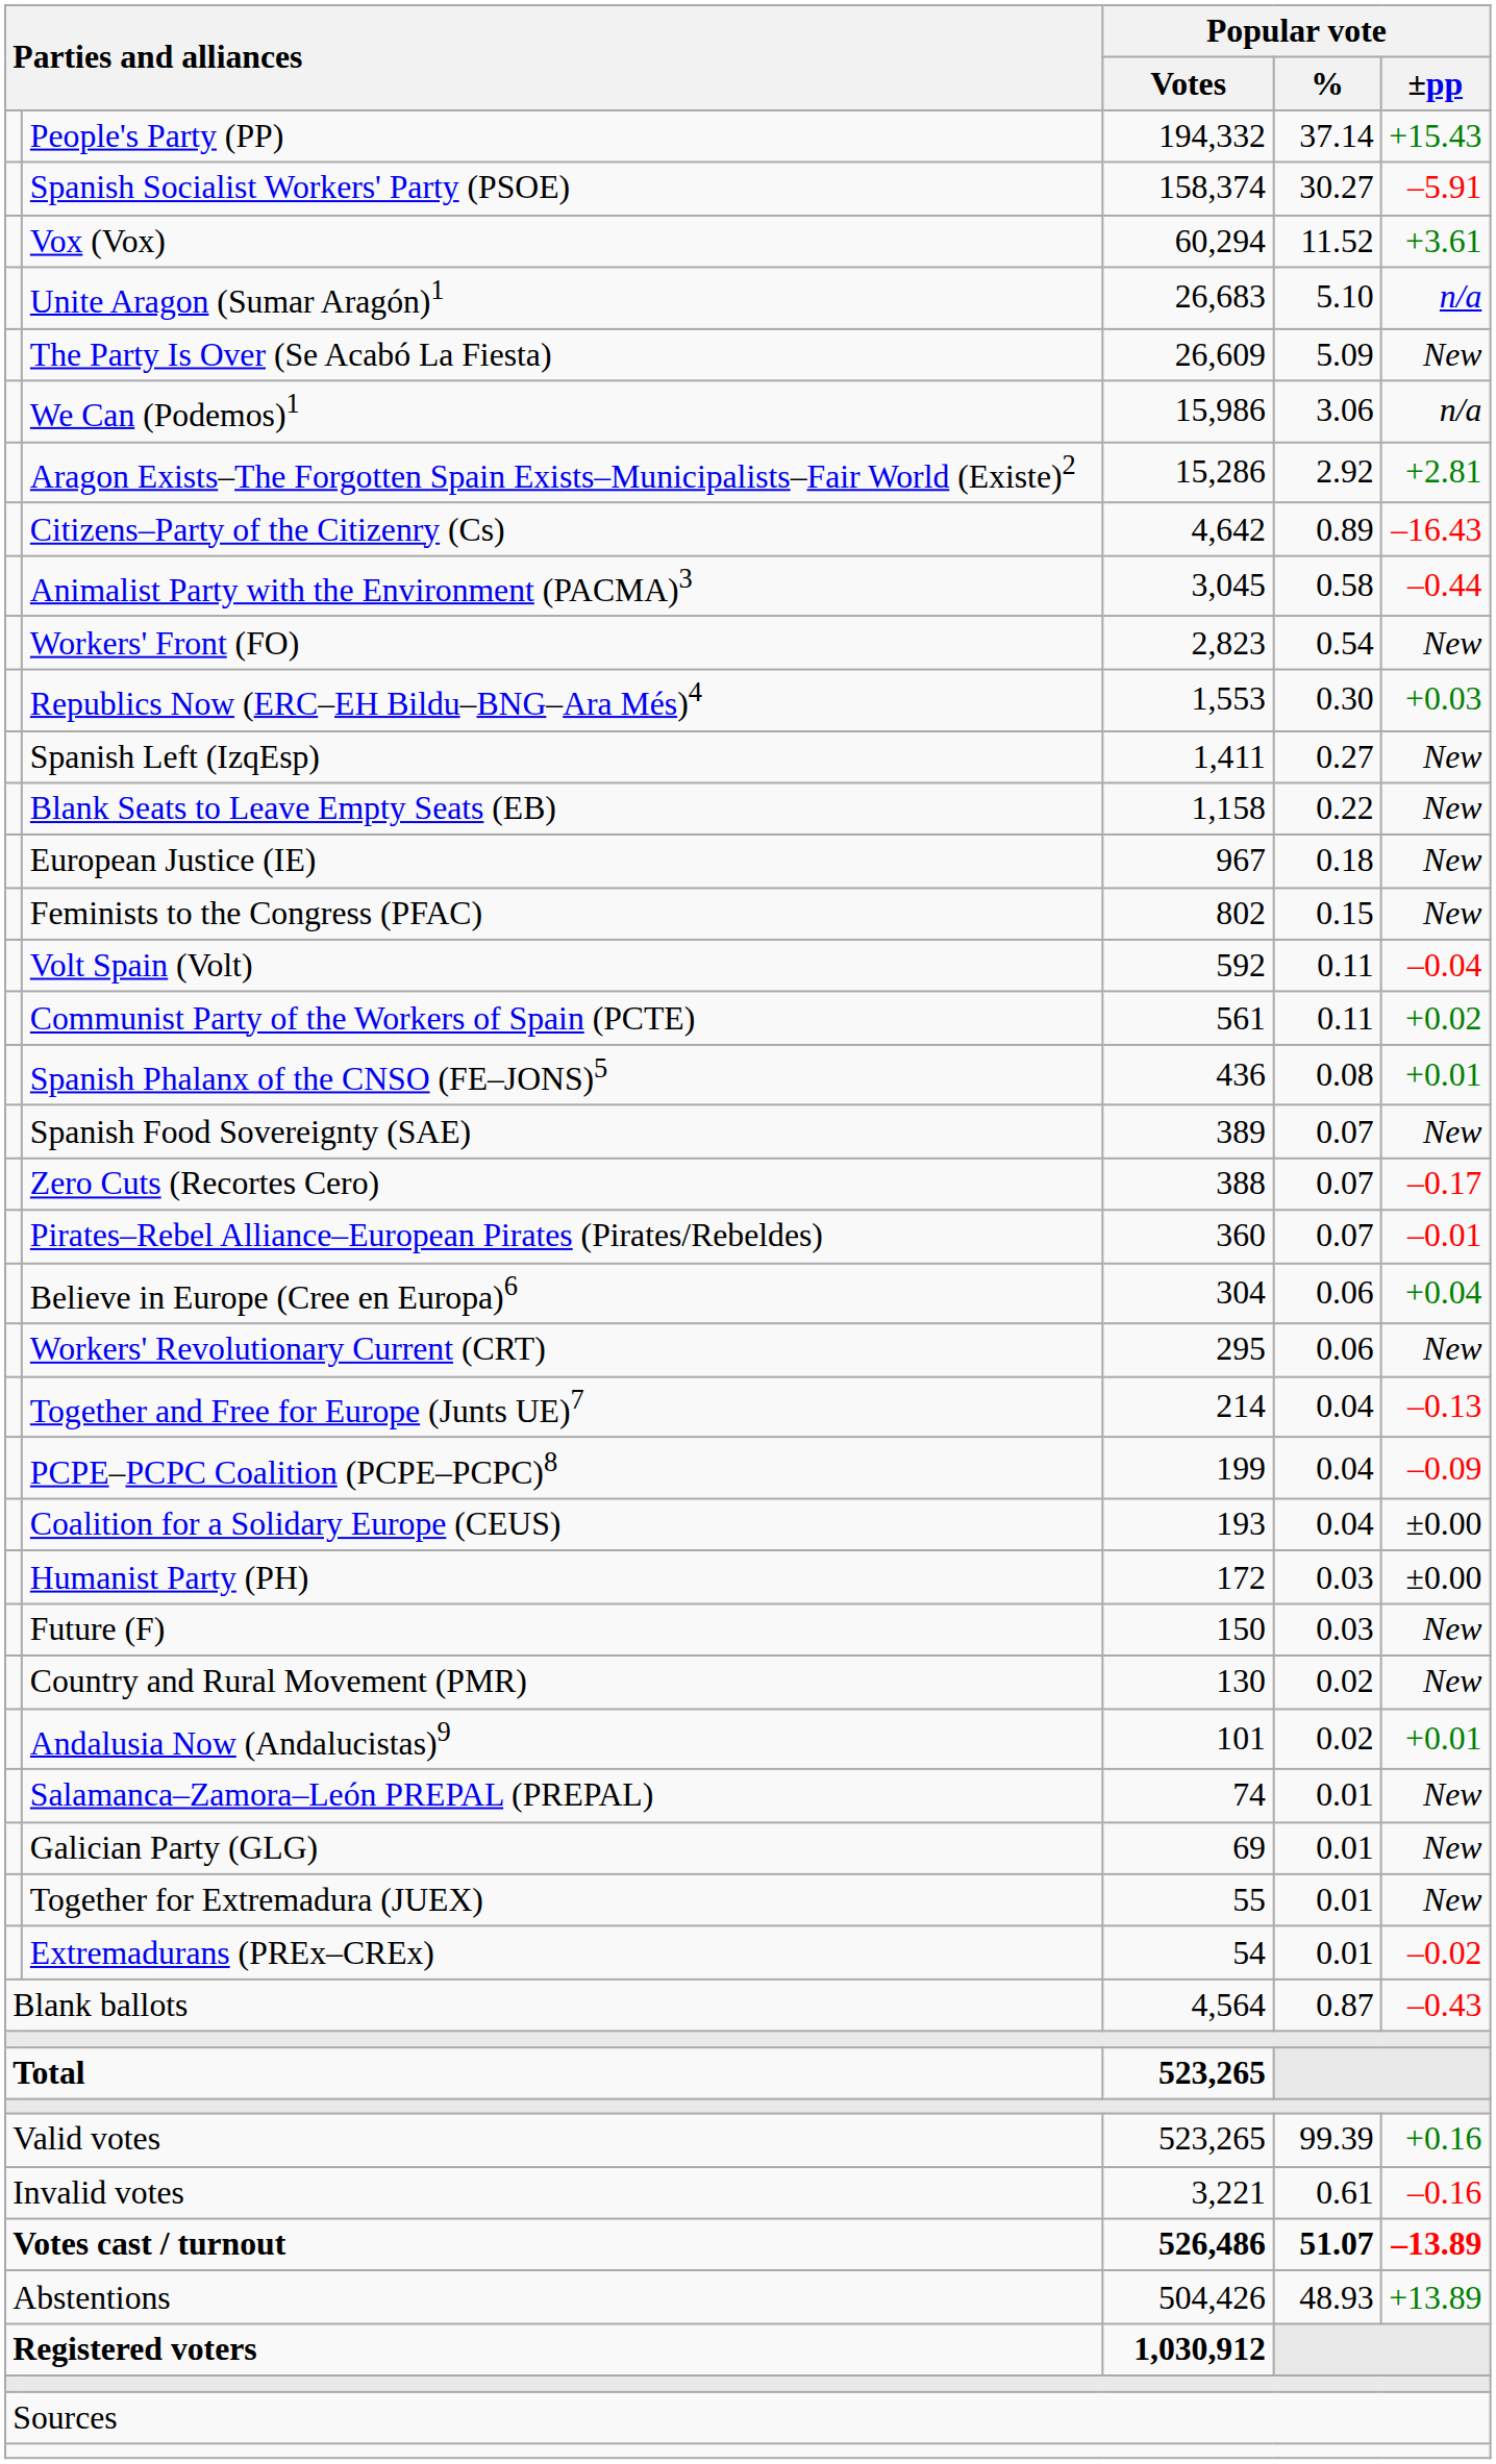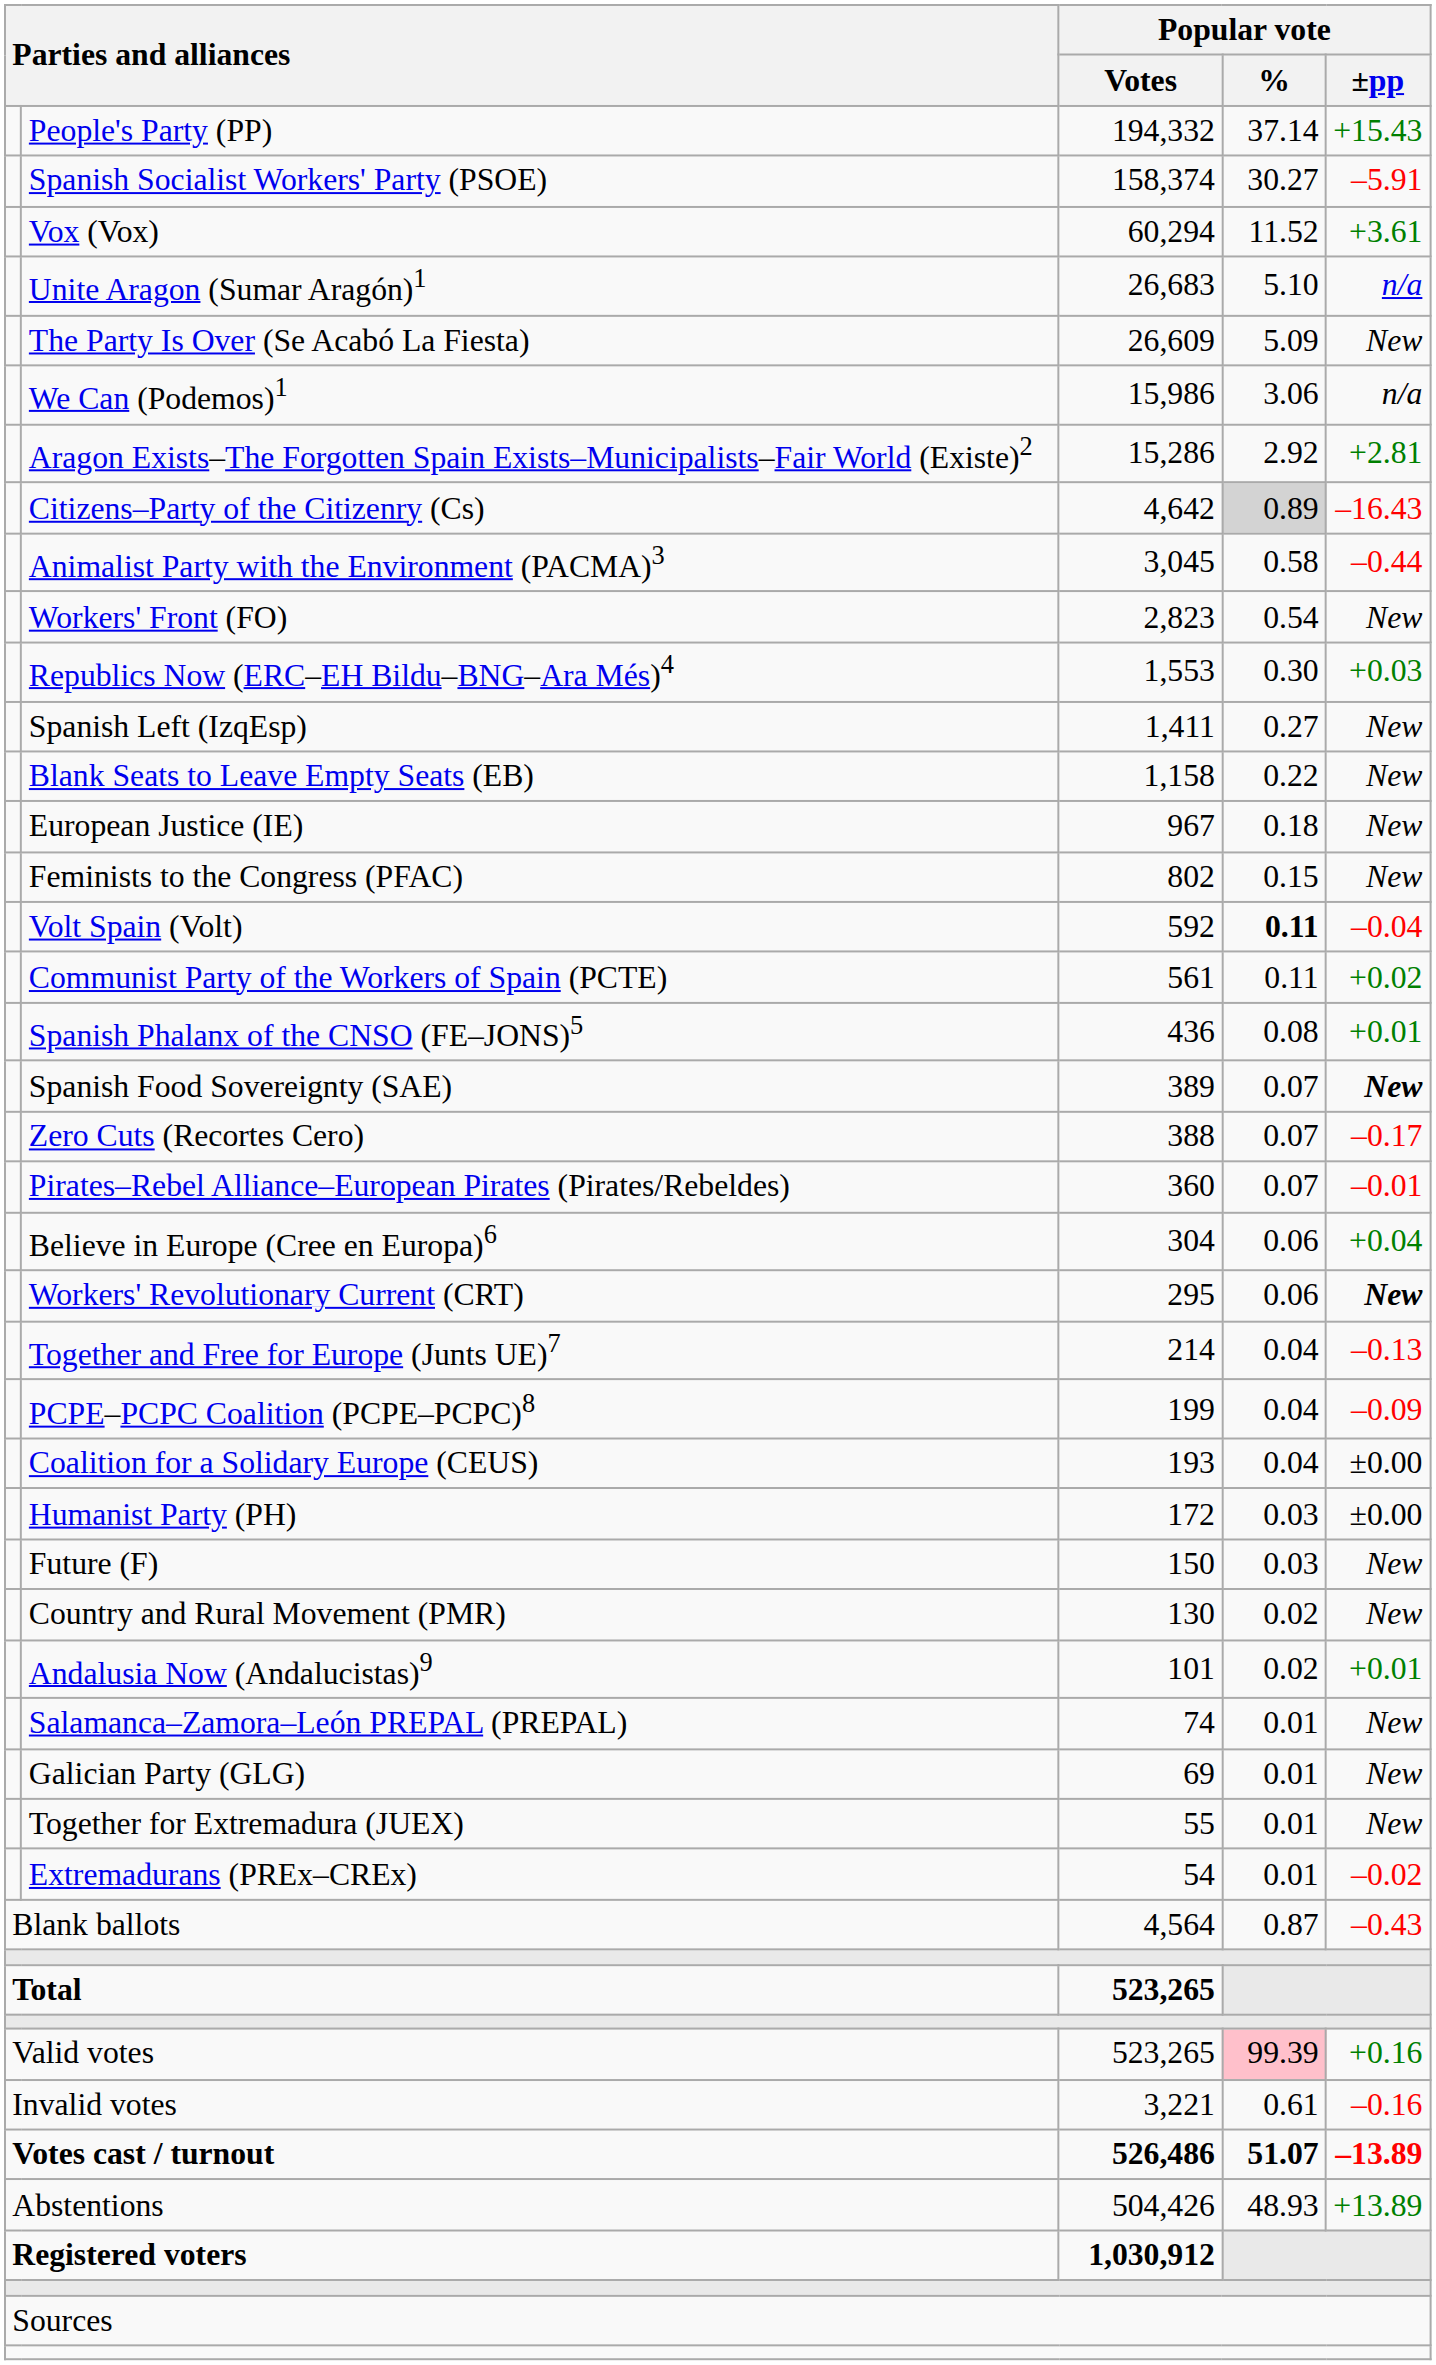 <table class="wikitable" style="text-align:right;">
 <tr>
 <th style="text-align:left;" rowspan="2" colspan="2" width="525">Parties and alliances</th>
 <th colspan="3">Popular vote</th>
 </tr>
 <tr bgcolor="#E9E9E9" align="center">
 <th width="75">Votes</th>
 <th width="45">%</th>
 <th width="45">±<a href='#'>pp</a></th>
 </tr>
 <tr>
 <td width="1" style="color:inherit;background:"></td>
 <td align="left"><a href='#'>People's Party</a> (PP)</td>
 <td>194,332</td>
 <td>37.14</td>
 <td style="color:green;">+15.43</td>
 </tr>
 <tr>
 <td style="color:inherit;background:"></td>
 <td align="left"><a href='#'>Spanish Socialist Workers' Party</a> (PSOE)</td>
 <td>158,374</td>
 <td>30.27</td>
 <td style="color:red;">–5.91</td>
 </tr>
 <tr>
 <td style="color:inherit;background:"></td>
 <td align="left"><a href='#'>Vox</a> (Vox)</td>
 <td>60,294</td>
 <td>11.52</td>
 <td style="color:green;">+3.61</td>
 </tr>
 <tr>
 <td style="color:inherit;background:"></td>
 <td align="left"><a href='#'>Unite Aragon</a> (Sumar Aragón)<sup>1</sup></td>
 <td>26,683</td>
 <td>5.10</td>
 <td><em><a href='#'>n/a</a></em></td>
 </tr>
 <tr>
 <td style="color:inherit;background:"></td>
 <td align="left"><a href='#'>The Party Is Over</a> (Se Acabó La Fiesta)</td>
 <td>26,609</td>
 <td>5.09</td>
 <td><em>New</em></td>
 </tr>
 <tr>
 <td style="color:inherit;background:"></td>
 <td align="left"><a href='#'>We Can</a> (Podemos)<sup>1</sup></td>
 <td>15,986</td>
 <td>3.06</td>
 <td><em>n/a</em></td>
 </tr>
 <tr>
 <td style="color:inherit;background:"></td>
 <td align="left"><a href='#'>Aragon Exists</a>–<a href='#'>The Forgotten Spain Exists–Municipalists</a>–<a href='#'>Fair World</a> (Existe)<sup>2</sup></td>
 <td>15,286</td>
 <td>2.92</td>
 <td style="color:green;">+2.81</td>
 </tr>
 <tr>
 <td style="color:inherit;background:"></td>
 <td align="left"><a href='#'>Citizens–Party of the Citizenry</a> (Cs)</td>
 <td>4,642</td>
-<td>0.89</td>
+<td style="background: lightgrey;">0.89</td>
 <td style="color:red;">–16.43</td>
 </tr>
 <tr>
 <td style="color:inherit;background:"></td>
 <td align="left"><a href='#'>Animalist Party with the Environment</a> (PACMA)<sup>3</sup></td>
 <td>3,045</td>
 <td>0.58</td>
 <td style="color:red;">–0.44</td>
 </tr>
 <tr>
 <td style="color:inherit;background:"></td>
 <td align="left"><a href='#'>Workers' Front</a> (FO)</td>
 <td>2,823</td>
 <td>0.54</td>
 <td><em>New</em></td>
 </tr>
 <tr>
 <td style="color:inherit;background:"></td>
 <td align="left"><a href='#'>Republics Now</a> (<a href='#'>ERC</a>–<a href='#'>EH Bildu</a>–<a href='#'>BNG</a>–<a href='#'>Ara Més</a>)<sup>4</sup></td>
 <td>1,553</td>
 <td>0.30</td>
 <td style="color:green;">+0.03</td>
 </tr>
 <tr>
 <td style="color:inherit;background:"></td>
 <td align="left">Spanish Left (IzqEsp)</td>
 <td>1,411</td>
 <td>0.27</td>
 <td><em>New</em></td>
 </tr>
 <tr>
 <td style="color:inherit;background:"></td>
 <td align="left"><a href='#'>Blank Seats to Leave Empty Seats</a> (EB)</td>
 <td>1,158</td>
 <td>0.22</td>
 <td><em>New</em></td>
 </tr>
 <tr>
 <td style="color:inherit;background:"></td>
 <td align="left">European Justice (IE)</td>
 <td>967</td>
 <td>0.18</td>
 <td><em>New</em></td>
 </tr>
 <tr>
 <td style="color:inherit;background:"></td>
 <td align="left">Feminists to the Congress (PFAC)</td>
 <td>802</td>
 <td>0.15</td>
 <td><em>New</em></td>
 </tr>
 <tr>
 <td style="color:inherit;background:"></td>
 <td align="left"><a href='#'>Volt Spain</a> (Volt)</td>
 <td>592</td>
-<td>0.11</td>
+<td><strong>0.11</strong></td>
 <td style="color:red;">–0.04</td>
 </tr>
 <tr>
 <td style="color:inherit;background:"></td>
 <td align="left"><a href='#'>Communist Party of the Workers of Spain</a> (PCTE)</td>
 <td>561</td>
 <td>0.11</td>
 <td style="color:green;">+0.02</td>
 </tr>
 <tr>
 <td style="color:inherit;background:"></td>
 <td align="left"><a href='#'>Spanish Phalanx of the CNSO</a> (FE–JONS)<sup>5</sup></td>
 <td>436</td>
 <td>0.08</td>
 <td style="color:green;">+0.01</td>
 </tr>
 <tr>
 <td style="color:inherit;background:"></td>
 <td align="left">Spanish Food Sovereignty (SAE)</td>
 <td>389</td>
 <td>0.07</td>
-<td><em>New</em></td>
+<td><strong><em>New</em></strong></td>
 </tr>
 <tr>
 <td style="color:inherit;background:"></td>
 <td align="left"><a href='#'>Zero Cuts</a> (Recortes Cero)</td>
 <td>388</td>
 <td>0.07</td>
 <td style="color:red;">–0.17</td>
 </tr>
 <tr>
 <td style="color:inherit;background:"></td>
 <td align="left"><a href='#'>Pirates–Rebel Alliance–European Pirates</a> (Pirates/Rebeldes)</td>
 <td>360</td>
 <td>0.07</td>
 <td style="color:red;">–0.01</td>
 </tr>
 <tr>
 <td style="color:inherit;background:"></td>
 <td align="left">Believe in Europe (Cree en Europa)<sup>6</sup></td>
 <td>304</td>
 <td>0.06</td>
 <td style="color:green;">+0.04</td>
 </tr>
 <tr>
 <td style="color:inherit;background:"></td>
 <td align="left"><a href='#'>Workers' Revolutionary Current</a> (CRT)</td>
 <td>295</td>
 <td>0.06</td>
-<td><em>New</em></td>
+<td><strong><em>New</em></strong></td>
 </tr>
 <tr>
 <td style="color:inherit;background:"></td>
 <td align="left"><a href='#'>Together and Free for Europe</a> (Junts UE)<sup>7</sup></td>
 <td>214</td>
 <td>0.04</td>
 <td style="color:red;">–0.13</td>
 </tr>
 <tr>
 <td style="color:inherit;background:"></td>
 <td align="left"><a href='#'>PCPE</a>–<a href='#'>PCPC Coalition</a> (PCPE–PCPC)<sup>8</sup></td>
 <td>199</td>
 <td>0.04</td>
 <td style="color:red;">–0.09</td>
 </tr>
 <tr>
 <td style="color:inherit;background:"></td>
 <td align="left"><a href='#'>Coalition for a Solidary Europe</a> (CEUS)</td>
 <td>193</td>
 <td>0.04</td>
 <td>±0.00</td>
 </tr>
 <tr>
 <td style="color:inherit;background:"></td>
 <td align="left"><a href='#'>Humanist Party</a> (PH)</td>
 <td>172</td>
 <td>0.03</td>
 <td>±0.00</td>
 </tr>
 <tr>
 <td style="color:inherit;background:"></td>
 <td align="left">Future (F)</td>
 <td>150</td>
 <td>0.03</td>
 <td><em>New</em></td>
 </tr>
 <tr>
 <td style="color:inherit;background:"></td>
 <td align="left">Country and Rural Movement (PMR)</td>
 <td>130</td>
 <td>0.02</td>
 <td><em>New</em></td>
 </tr>
 <tr>
 <td style="color:inherit;background:"></td>
 <td align="left"><a href='#'>Andalusia Now</a> (Andalucistas)<sup>9</sup></td>
 <td>101</td>
 <td>0.02</td>
 <td style="color:green;">+0.01</td>
 </tr>
 <tr>
 <td style="color:inherit;background:"></td>
 <td align="left"><a href='#'>Salamanca–Zamora–León PREPAL</a> (PREPAL)</td>
 <td>74</td>
 <td>0.01</td>
 <td><em>New</em></td>
 </tr>
 <tr>
 <td style="color:inherit;background:"></td>
 <td align="left">Galician Party (GLG)</td>
 <td>69</td>
 <td>0.01</td>
 <td><em>New</em></td>
 </tr>
 <tr>
 <td style="color:inherit;background:"></td>
 <td align="left">Together for Extremadura (JUEX)</td>
 <td>55</td>
 <td>0.01</td>
 <td><em>New</em></td>
 </tr>
 <tr>
 <td style="color:inherit;background:"></td>
 <td align="left"><a href='#'>Extremadurans</a> (PREx–CREx)</td>
 <td>54</td>
 <td>0.01</td>
 <td style="color:red;">–0.02</td>
 </tr>
 <tr>
 <td align="left" colspan="2">Blank ballots</td>
 <td>4,564</td>
 <td>0.87</td>
 <td style="color:red;">–0.43</td>
 </tr>
 <tr>
 <td colspan="5" bgcolor="#E9E9E9"></td>
 </tr>
 <tr style="font-weight:bold;">
 <td align="left" colspan="2">Total</td>
 <td>523,265</td>
 <td bgcolor="#E9E9E9" colspan="2"></td>
 </tr>
 <tr>
 <td colspan="5" bgcolor="#E9E9E9"></td>
 </tr>
 <tr>
 <td align="left" colspan="2">Valid votes</td>
 <td>523,265</td>
-<td>99.39</td>
+<td style="background: pink;">99.39</td>
 <td style="color:green;">+0.16</td>
 </tr>
 <tr>
 <td align="left" colspan="2">Invalid votes</td>
 <td>3,221</td>
 <td>0.61</td>
 <td style="color:red;">–0.16</td>
 </tr>
 <tr style="font-weight:bold;">
 <td align="left" colspan="2">Votes cast / turnout</td>
 <td>526,486</td>
 <td>51.07</td>
 <td style="color:red;">–13.89</td>
 </tr>
 <tr>
 <td align="left" colspan="2">Abstentions</td>
 <td>504,426</td>
 <td>48.93</td>
 <td style="color:green;">+13.89</td>
 </tr>
 <tr style="font-weight:bold;">
 <td align="left" colspan="2">Registered voters</td>
 <td>1,030,912</td>
 <td bgcolor="#E9E9E9" colspan="2"></td>
 </tr>
 <tr>
 <td colspan="5" bgcolor="#E9E9E9"></td>
 </tr>
 <tr>
 <td align="left" colspan="5">Sources</td>
 </tr>
 <tr>
 <td colspan="5" style="text-align:left; max-width:790px;"></td>
 </tr>
 </table>
